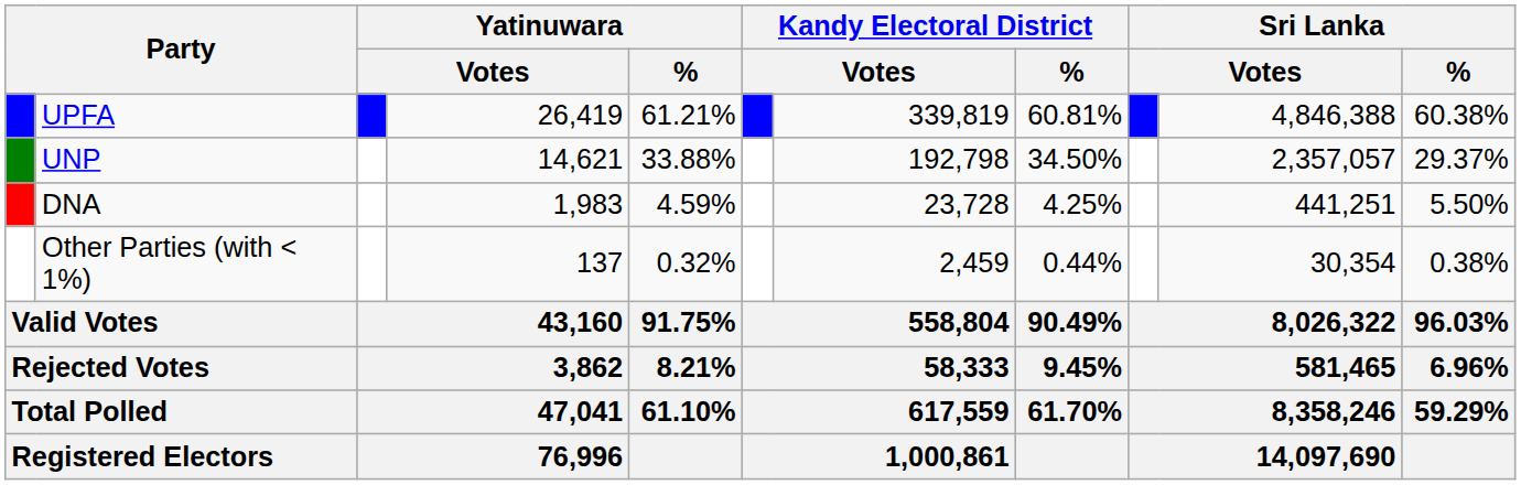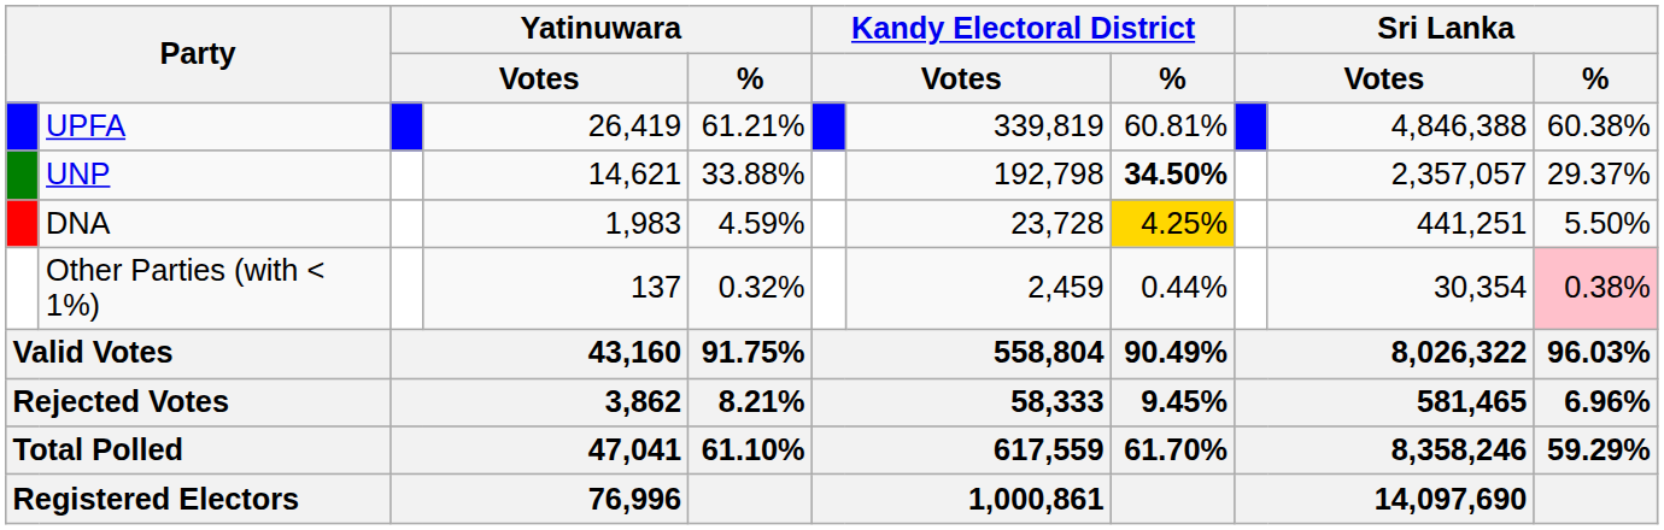 <table class="wikitable">
 <tr>
 <th colspan="2" width="144px"rowspan="2">Party</th>
 <th colspan="3" width="216px">Yatinuwara</th>
 <th colspan="3" width="216px"><a href='#'>Kandy Electoral District</a></th>
 <th colspan="3" width="216px">Sri Lanka</th>
 </tr>
 <tr>
 <th colspan="2" width="144px">Votes</th>
 <th>%</th>
 <th colspan="2" width="144px">Votes</th>
 <th>%</th>
 <th colspan="2" width="144px">Votes</th>
 <th>%</th>
 </tr>
 <tr>
 <td style="background-color:blue;" width="10px"></td>
 <td style="text-align:left;"><a href='#'>UPFA</a></td>
 <td style="background-color:blue;" width="10px"></td>
 <td style="text-align:right;">26,419</td>
 <td style="text-align:right;">61.21%</td>
 <td style="background-color:blue;" width="10px"></td>
 <td style="text-align:right;">339,819</td>
 <td style="text-align:right;">60.81%</td>
 <td style="background-color:blue;" width="10px"></td>
 <td style="text-align:right;">4,846,388</td>
 <td style="text-align:right;">60.38%</td>
 </tr>
 <tr>
 <td style="background-color:green;" width="10px"></td>
 <td style="text-align:left;"><a href='#'>UNP</a></td>
 <td style="background-color:white;" width="10px"></td>
 <td style="text-align:right;">14,621</td>
 <td style="text-align:right;">33.88%</td>
 <td style="background-color:white;" width="10px"></td>
 <td style="text-align:right;">192,798</td>
-<td style="text-align:right;">34.50%</td>
+<td style="text-align:right;"><strong>34.50%</strong></td>
 <td style="background-color:white;" width="10px"></td>
 <td style="text-align:right;">2,357,057</td>
 <td style="text-align:right;">29.37%</td>
 </tr>
 <tr>
 <td style="background-color:red;" width="10px"></td>
 <td style="text-align:left;">DNA</td>
 <td style="background-color:white;" width="10px"></td>
 <td style="text-align:right;">1,983</td>
 <td style="text-align:right;">4.59%</td>
 <td style="background-color:white;" width="10px"></td>
 <td style="text-align:right;">23,728</td>
-<td style="text-align:right;">4.25%</td>
+<td style="background: gold; text-align:right;">4.25%</td>
 <td style="background-color:white;" width="10px"></td>
 <td style="text-align:right;">441,251</td>
 <td style="text-align:right;">5.50%</td>
 </tr>
 <tr>
 <td style="background-color:white;" width="10px"></td>
 <td style="text-align:left;">Other Parties (with < 1%)</td>
 <td style="background-color:white;" width="10px"></td>
 <td style="text-align:right;">137</td>
 <td style="text-align:right;">0.32%</td>
 <td style="background-color:white;" width="10px"></td>
 <td style="text-align:right;">2,459</td>
 <td style="text-align:right;">0.44%</td>
 <td style="background-color:white;" width="10px"></td>
 <td style="text-align:right;">30,354</td>
-<td style="text-align:right;">0.38%</td>
+<td style="background: pink; text-align:right;">0.38%</td>
 </tr>
 <tr>
 <th colspan="2" width="144px"style="text-align:left;">Valid Votes</th>
 <th style="text-align:right;"colspan="2" width="144px">43,160</th>
 <th style="text-align:right;">91.75%</th>
 <th style="text-align:right;"colspan="2" width="144px">558,804</th>
 <th style="text-align:right;">90.49%</th>
 <th style="text-align:right;"colspan="2" width="144px">8,026,322</th>
 <th style="text-align:right;">96.03%</th>
 </tr>
 <tr>
 <th colspan="2" width="144px"style="text-align:left;">Rejected Votes</th>
 <th style="text-align:right;"colspan="2" width="144px">3,862</th>
 <th style="text-align:right;">8.21%</th>
 <th style="text-align:right;"colspan="2" width="144px">58,333</th>
 <th style="text-align:right;">9.45%</th>
 <th style="text-align:right;"colspan="2" width="144px">581,465</th>
 <th style="text-align:right;">6.96%</th>
 </tr>
 <tr>
 <th colspan="2" width="144px"style="text-align:left;">Total Polled</th>
 <th style="text-align:right;"colspan="2" width="144px">47,041</th>
 <th style="text-align:right;">61.10%</th>
 <th style="text-align:right;"colspan="2" width="144px">617,559</th>
 <th style="text-align:right;">61.70%</th>
 <th style="text-align:right;"colspan="2" width="144px">8,358,246</th>
 <th style="text-align:right;">59.29%</th>
 </tr>
 <tr>
 <th colspan="2" width="144px"style="text-align:left;">Registered Electors</th>
 <th style="text-align:right;"colspan="2" width="144px">76,996</th>
 <th></th>
 <th style="text-align:right;"colspan="2" width="144px">1,000,861</th>
 <th></th>
 <th style="text-align:right;"colspan="2" width="144px">14,097,690</th>
 <th></th>
 </tr>
 </table>
